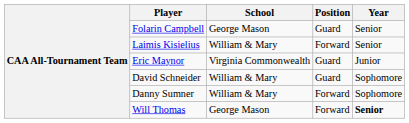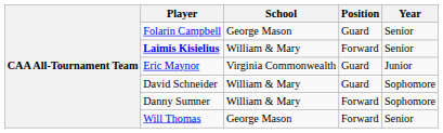 <table class="wikitable" border="1">
 <tr>
 <th rowspan=7 valign=middle>CAA All-Tournament Team</th>
 <th>Player</th>
 <th>School</th>
 <th>Position</th>
 <th>Year</th>
 </tr>
 <tr>
 <td><a href='#'>Folarin Campbell</a></td>
 <td>George Mason</td>
 <td>Guard</td>
 <td>Senior</td>
 </tr>
 <tr>
-<td><a href='#'>Laimis Kisielius</a></td>
+<td><strong><a href='#'>Laimis Kisielius</a></strong></td>
 <td>William & Mary</td>
 <td>Forward</td>
 <td>Senior</td>
 </tr>
 <tr>
 <td><a href='#'>Eric Maynor</a></td>
 <td>Virginia Commonwealth</td>
 <td>Guard</td>
 <td>Junior</td>
 </tr>
 <tr>
 <td>David Schneider</td>
 <td>William & Mary</td>
 <td>Guard</td>
 <td>Sophomore</td>
 </tr>
 <tr>
 <td>Danny Sumner</td>
 <td>William & Mary</td>
 <td>Forward</td>
 <td>Sophomore</td>
 </tr>
 <tr>
 <td><a href='#'>Will Thomas</a></td>
 <td>George Mason</td>
 <td>Forward</td>
-<td><strong>Senior</strong></td>
+<td>Senior</td>
 </tr>
 </table>
